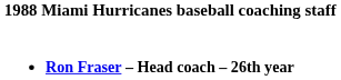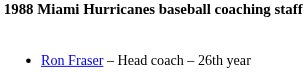 <table class="toccolours">
 <tr>
 <th colspan=9>1988 Miami Hurricanes baseball coaching staff</th>
 </tr>
 <tr>
-<td style="text-align: left; font-size: 95%;" valign="top"><strong><br><ul><li><a href='#'>Ron Fraser</a> – Head coach – 26th year</li></ul></strong></td>
+<td style="text-align: left; font-size: 95%;" valign="top"><br><ul><li><a href='#'>Ron Fraser</a> – Head coach – 26th year</li></ul></td>
 </tr>
 </table>
